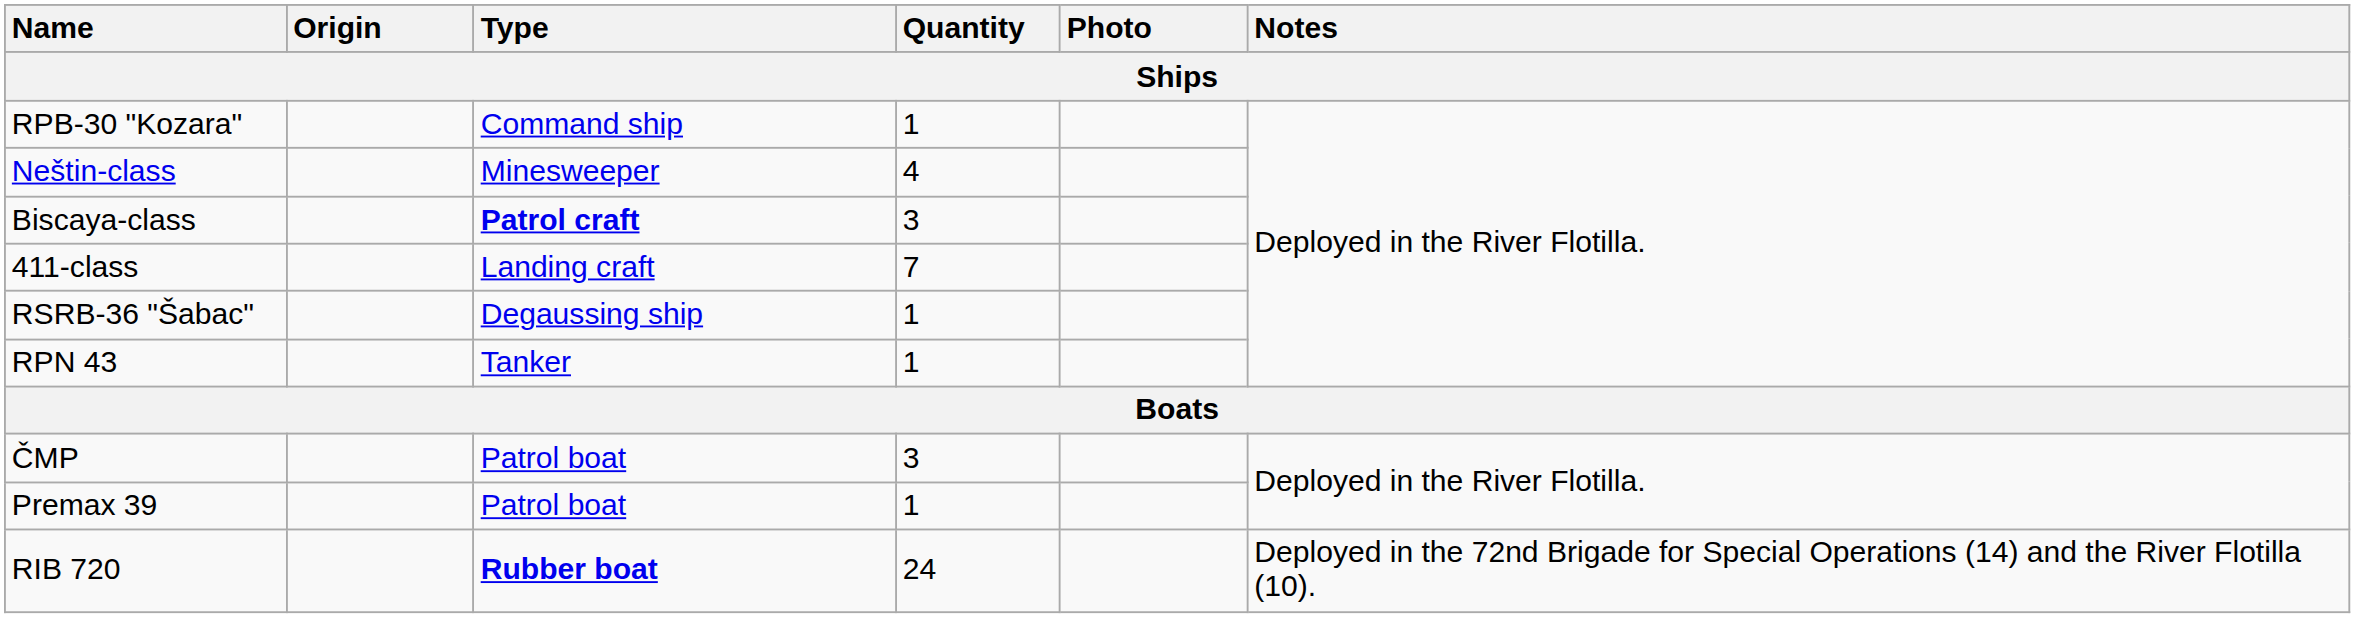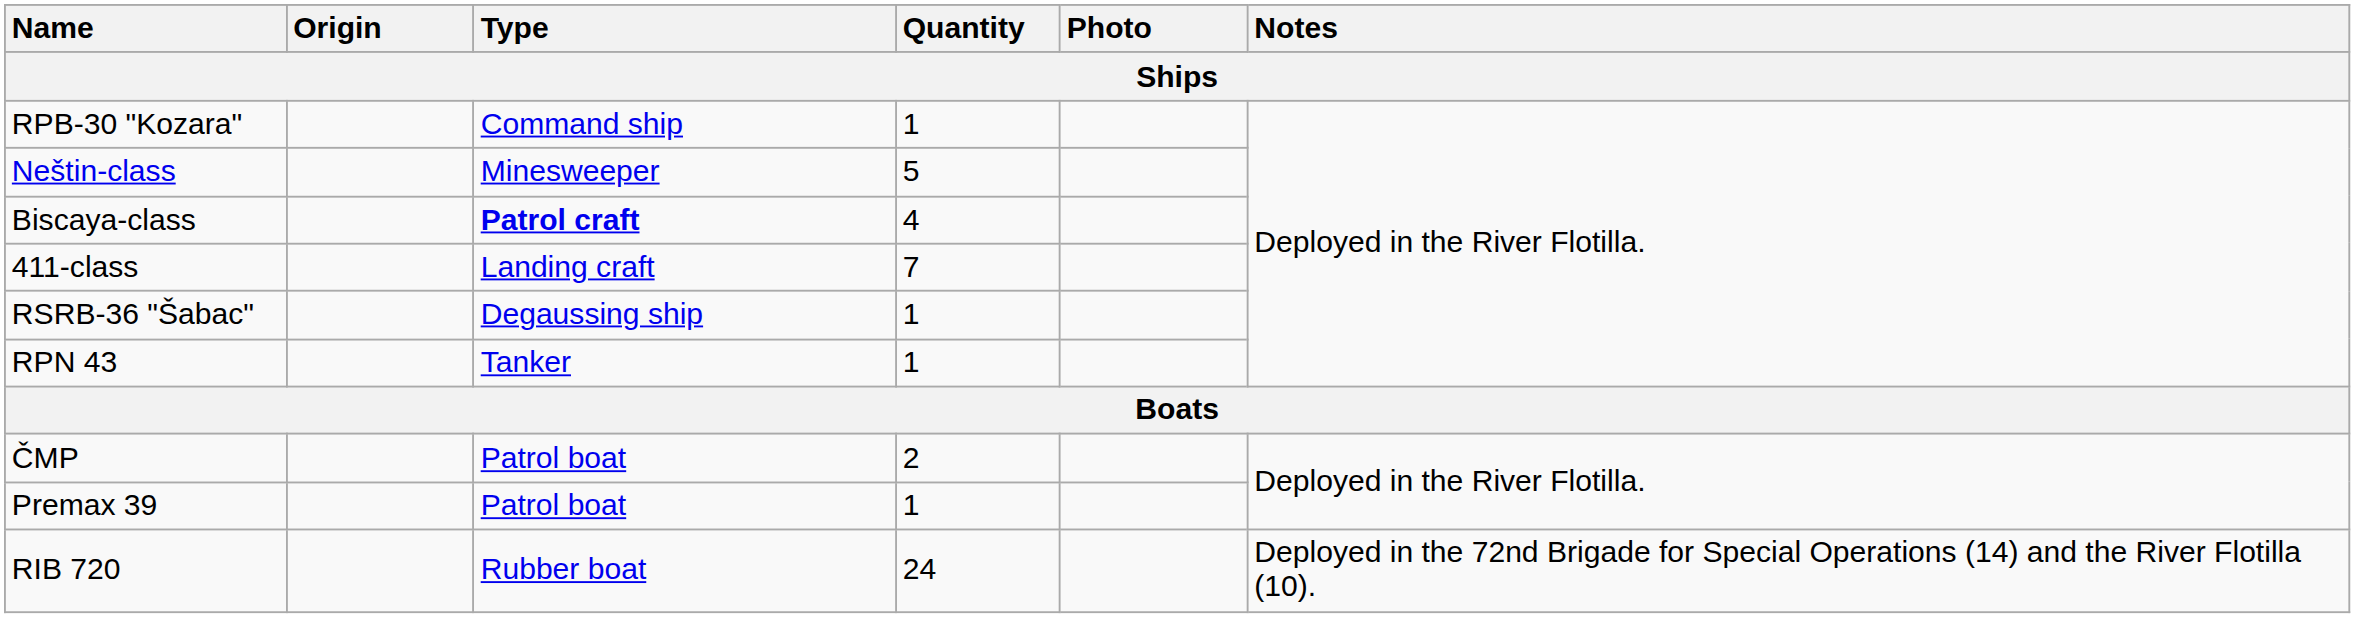 <table class="wikitable">
 <tr>
 <th style="text-align: left; width:12%;">Name</th>
 <th style="text-align: left; width:8%;">Origin</th>
 <th style="text-align: left; width:18%;">Type</th>
 <th style="text-align: left; width:7%;">Quantity</th>
 <th style="text-align: left;width:8%;">Photo</th>
 <th style="text-align: left;width:47%;">Notes</th>
 </tr>
 <tr>
 <th style="align: center;" colspan="7">Ships</th>
 </tr>
 <tr>
 <td>RPB-30 "Kozara"</td>
 <td></td>
 <td><a href='#'>Command ship</a></td>
 <td>1</td>
 <td></td>
 <td rowspan="6">Deployed in the River Flotilla.</td>
 </tr>
 <tr>
 <td><a href='#'>Neštin-class</a></td>
 <td></td>
 <td><a href='#'>Minesweeper</a></td>
-<td>4</td>
+<td>5</td>
 <td></td>
 </tr>
 <tr>
 <td>Biscaya-class</td>
 <td></td>
 <td><strong><a href='#'>Patrol craft</a></strong></td>
-<td>3</td>
+<td>4</td>
 <td></td>
 </tr>
 <tr>
 <td>411-class</td>
 <td></td>
 <td><a href='#'>Landing craft</a></td>
 <td>7</td>
 <td></td>
 </tr>
 <tr>
 <td>RSRB-36 "Šabac"</td>
 <td></td>
 <td><a href='#'>Degaussing ship</a></td>
 <td>1</td>
 <td></td>
 </tr>
 <tr>
 <td>RPN 43</td>
 <td></td>
 <td><a href='#'>Tanker</a></td>
 <td>1</td>
 <td></td>
 </tr>
 <tr>
 <th style="align: center;" colspan="7">Boats</th>
 </tr>
 <tr>
 <td>ČMP</td>
 <td></td>
 <td><a href='#'>Patrol boat</a></td>
-<td>3</td>
+<td>2</td>
 <td></td>
 <td rowspan="2">Deployed in the River Flotilla.</td>
 </tr>
 <tr>
 <td>Premax 39</td>
 <td></td>
 <td><a href='#'>Patrol boat</a></td>
 <td>1</td>
 <td></td>
 </tr>
 <tr>
 <td>RIB 720</td>
 <td></td>
-<td><strong><a href='#'>Rubber boat</a></strong></td>
+<td><a href='#'>Rubber boat</a></td>
 <td>24</td>
 <td></td>
 <td>Deployed in the 72nd Brigade for Special Operations (14) and the River Flotilla (10).</td>
 </tr>
 </table>
